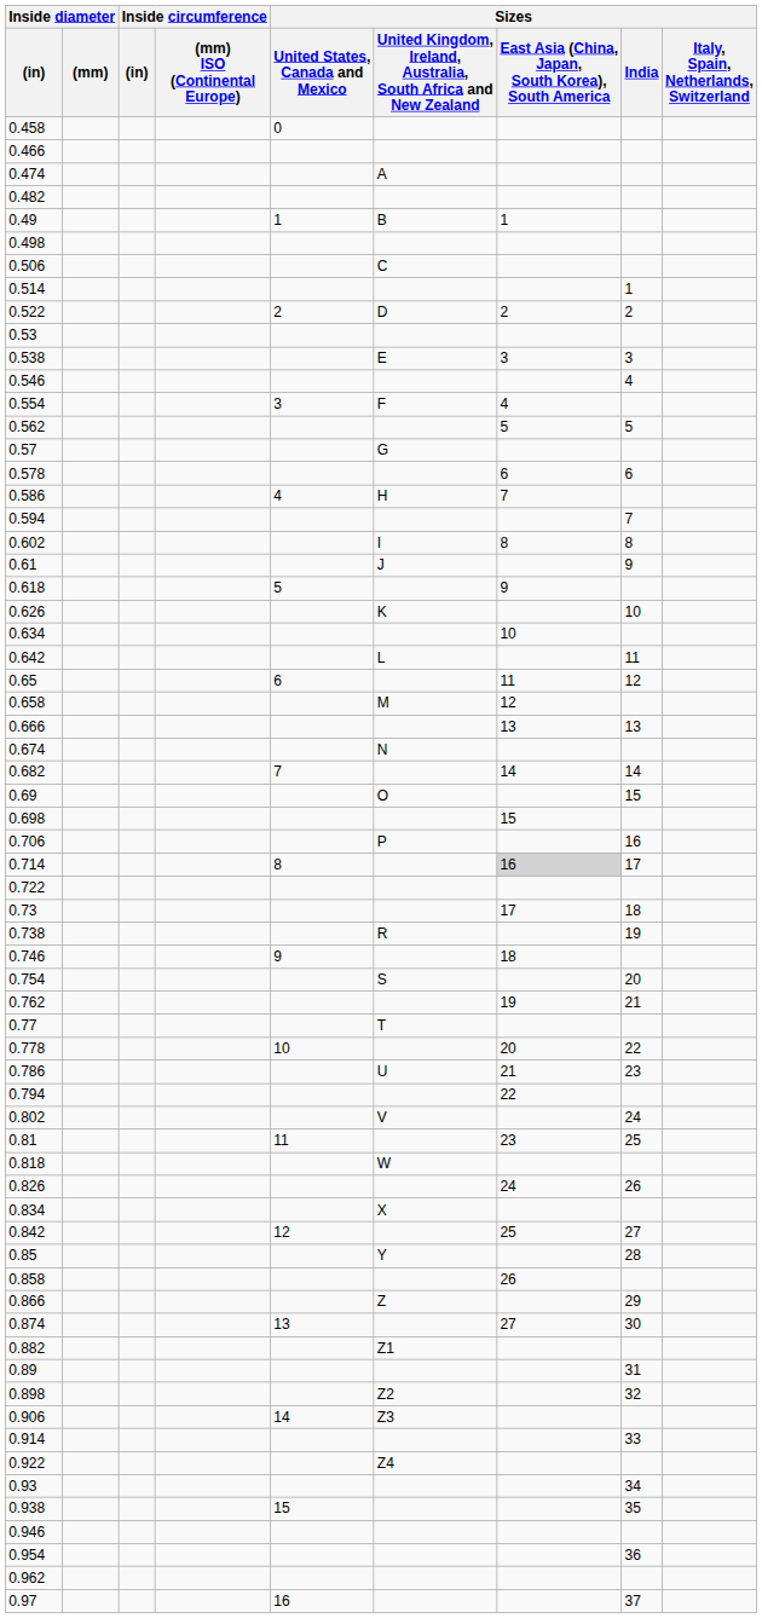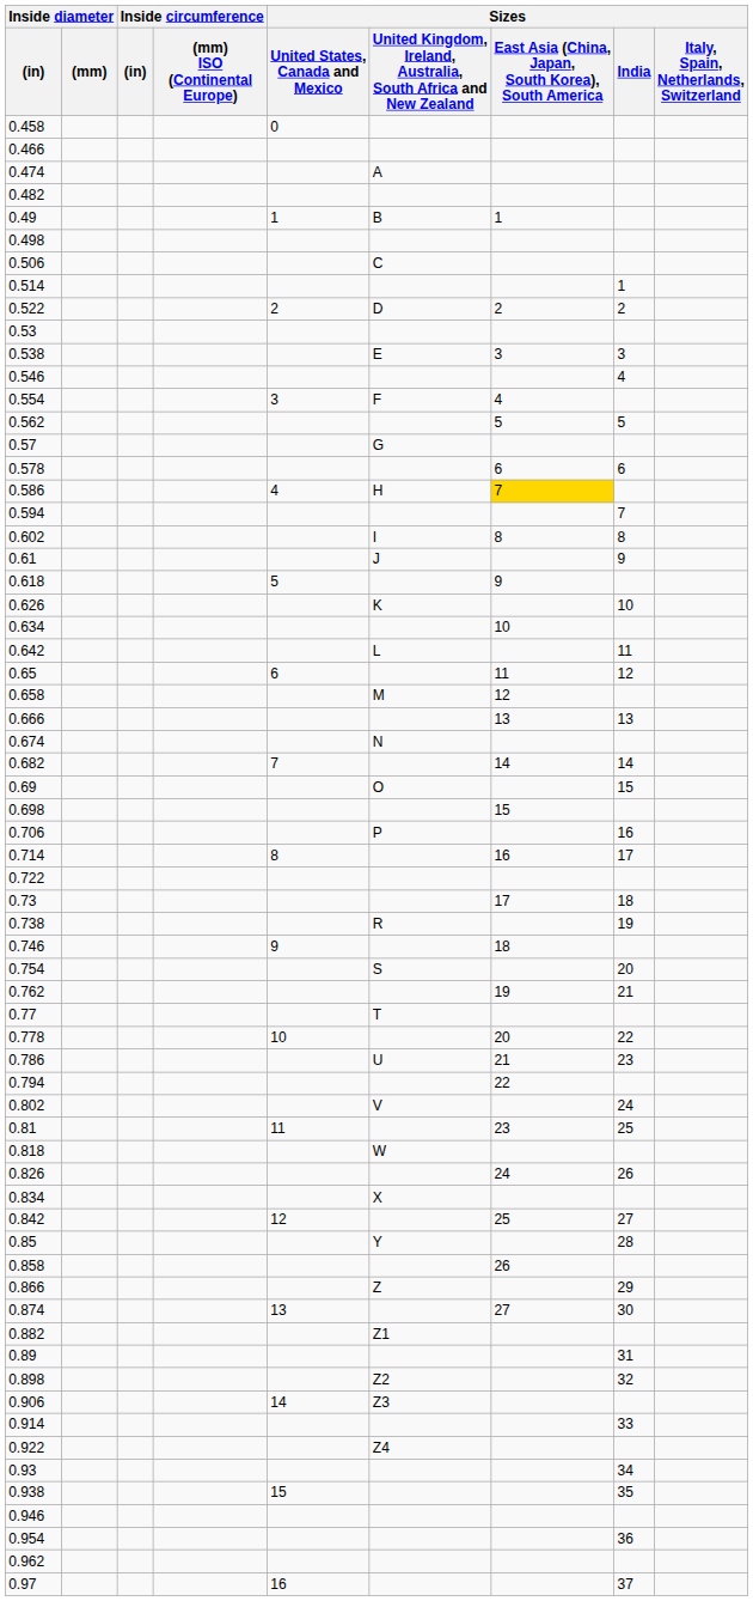 <table class="wikitable sortable">
 <tr>
 <th colspan="2">Inside <a href='#'>diameter</a></th>
 <th colspan="2">Inside <a href='#'>circumference</a></th>
 <th colspan="5">Sizes</th>
 </tr>
 <tr>
 <th>(in)</th>
 <th>(mm)</th>
 <th>(in)</th>
 <th>(mm)<br> <a href='#'>ISO</a> <br>(<a href='#'>Continental</a><br><a href='#'>Europe</a>)</th>
 <th><a href='#'>United States</a>,<br><a href='#'>Canada</a> and<br><a href='#'>Mexico</a></th>
 <th><a href='#'>United Kingdom</a>,<br><a href='#'>Ireland</a>,<br><a href='#'>Australia</a>,<br><a href='#'>South Africa</a> and<br><a href='#'>New Zealand</a></th>
 <th><a href='#'>East Asia</a> (<a href='#'>China</a>, <br><a href='#'>Japan</a>, <br><a href='#'>South Korea</a>), <br><a href='#'>South America</a></th>
 <th><a href='#'>India</a></th>
 <th><a href='#'>Italy</a>, <br><a href='#'>Spain</a>, <br><a href='#'>Netherlands</a>, <br><a href='#'>Switzerland</a></th>
 </tr>
 <tr>
 <td>0.458</td>
 <td></td>
 <td></td>
 <td></td>
 <td>0</td>
 <td></td>
 <td></td>
 <td></td>
 <td></td>
 </tr>
 <tr>
 <td>0.466</td>
 <td></td>
 <td></td>
 <td></td>
 <td></td>
 <td></td>
 <td></td>
 <td></td>
 <td></td>
 </tr>
 <tr>
 <td>0.474</td>
 <td></td>
 <td></td>
 <td></td>
 <td></td>
 <td>A</td>
 <td></td>
 <td></td>
 <td></td>
 </tr>
 <tr>
 <td>0.482</td>
 <td></td>
 <td></td>
 <td></td>
 <td></td>
 <td></td>
 <td></td>
 <td></td>
 <td></td>
 </tr>
 <tr>
 <td>0.49</td>
 <td></td>
 <td></td>
 <td></td>
 <td>1</td>
 <td>B</td>
 <td>1</td>
 <td></td>
 <td></td>
 </tr>
 <tr>
 <td>0.498</td>
 <td></td>
 <td></td>
 <td></td>
 <td></td>
 <td></td>
 <td></td>
 <td></td>
 <td></td>
 </tr>
 <tr>
 <td>0.506</td>
 <td></td>
 <td></td>
 <td></td>
 <td></td>
 <td>C</td>
 <td></td>
 <td></td>
 <td></td>
 </tr>
 <tr>
 <td>0.514</td>
 <td></td>
 <td></td>
 <td></td>
 <td></td>
 <td></td>
 <td></td>
 <td>1</td>
 <td></td>
 </tr>
 <tr>
 <td>0.522</td>
 <td></td>
 <td></td>
 <td></td>
 <td>2</td>
 <td>D</td>
 <td>2</td>
 <td>2</td>
 <td></td>
 </tr>
 <tr>
 <td>0.53</td>
 <td></td>
 <td></td>
 <td></td>
 <td></td>
 <td></td>
 <td></td>
 <td></td>
 <td></td>
 </tr>
 <tr>
 <td>0.538</td>
 <td></td>
 <td></td>
 <td></td>
 <td></td>
 <td>E</td>
 <td>3</td>
 <td>3</td>
 <td></td>
 </tr>
 <tr>
 <td>0.546</td>
 <td></td>
 <td></td>
 <td></td>
 <td></td>
 <td></td>
 <td></td>
 <td>4</td>
 <td></td>
 </tr>
 <tr>
 <td>0.554</td>
 <td></td>
 <td></td>
 <td></td>
 <td>3</td>
 <td>F</td>
 <td>4</td>
 <td></td>
 <td></td>
 </tr>
 <tr>
 <td>0.562</td>
 <td></td>
 <td></td>
 <td></td>
 <td></td>
 <td></td>
 <td>5</td>
 <td>5</td>
 <td></td>
 </tr>
 <tr>
 <td>0.57</td>
 <td></td>
 <td></td>
 <td></td>
 <td></td>
 <td>G</td>
 <td></td>
 <td></td>
 <td></td>
 </tr>
 <tr>
 <td>0.578</td>
 <td></td>
 <td></td>
 <td></td>
 <td></td>
 <td></td>
 <td>6</td>
 <td>6</td>
 <td></td>
 </tr>
 <tr>
 <td>0.586</td>
 <td></td>
 <td></td>
 <td></td>
 <td>4</td>
 <td>H</td>
-<td>7</td>
+<td style="background: gold;">7</td>
 <td></td>
 <td></td>
 </tr>
 <tr>
 <td>0.594</td>
 <td></td>
 <td></td>
 <td></td>
 <td></td>
 <td></td>
 <td></td>
 <td>7</td>
 <td></td>
 </tr>
 <tr>
 <td>0.602</td>
 <td></td>
 <td></td>
 <td></td>
 <td></td>
 <td>I</td>
 <td>8</td>
 <td>8</td>
 <td></td>
 </tr>
 <tr>
 <td>0.61</td>
 <td></td>
 <td></td>
 <td></td>
 <td></td>
 <td>J</td>
 <td></td>
 <td>9</td>
 <td></td>
 </tr>
 <tr>
 <td>0.618</td>
 <td></td>
 <td></td>
 <td></td>
 <td>5</td>
 <td></td>
 <td>9</td>
 <td></td>
 <td></td>
 </tr>
 <tr>
 <td>0.626</td>
 <td></td>
 <td></td>
 <td></td>
 <td></td>
 <td>K</td>
 <td></td>
 <td>10</td>
 <td></td>
 </tr>
 <tr>
 <td>0.634</td>
 <td></td>
 <td></td>
 <td></td>
 <td></td>
 <td></td>
 <td>10</td>
 <td></td>
 <td></td>
 </tr>
 <tr>
 <td>0.642</td>
 <td></td>
 <td></td>
 <td></td>
 <td></td>
 <td>L</td>
 <td></td>
 <td>11</td>
 <td></td>
 </tr>
 <tr>
 <td>0.65</td>
 <td></td>
 <td></td>
 <td></td>
 <td>6</td>
 <td></td>
 <td>11</td>
 <td>12</td>
 <td></td>
 </tr>
 <tr>
 <td>0.658</td>
 <td></td>
 <td></td>
 <td></td>
 <td></td>
 <td>M</td>
 <td>12</td>
 <td></td>
 <td></td>
 </tr>
 <tr>
 <td>0.666</td>
 <td></td>
 <td></td>
 <td></td>
 <td></td>
 <td></td>
 <td>13</td>
 <td>13</td>
 <td></td>
 </tr>
 <tr>
 <td>0.674</td>
 <td></td>
 <td></td>
 <td></td>
 <td></td>
 <td>N</td>
 <td></td>
 <td></td>
 <td></td>
 </tr>
 <tr>
 <td>0.682</td>
 <td></td>
 <td></td>
 <td></td>
 <td>7</td>
 <td></td>
 <td>14</td>
 <td>14</td>
 <td></td>
 </tr>
 <tr>
 <td>0.69</td>
 <td></td>
 <td></td>
 <td></td>
 <td></td>
 <td>O</td>
 <td></td>
 <td>15</td>
 <td></td>
 </tr>
 <tr>
 <td>0.698</td>
 <td></td>
 <td></td>
 <td></td>
 <td></td>
 <td></td>
 <td>15</td>
 <td></td>
 <td></td>
 </tr>
 <tr>
 <td>0.706</td>
 <td></td>
 <td></td>
 <td></td>
 <td></td>
 <td>P</td>
 <td></td>
 <td>16</td>
 <td></td>
 </tr>
 <tr>
 <td>0.714</td>
 <td></td>
 <td></td>
 <td></td>
 <td>8</td>
 <td></td>
-<td style="background: lightgrey;">16</td>
+<td>16</td>
 <td>17</td>
 <td></td>
 </tr>
 <tr>
 <td>0.722</td>
 <td></td>
 <td></td>
 <td></td>
 <td></td>
 <td></td>
 <td></td>
 <td></td>
 <td></td>
 </tr>
 <tr>
 <td>0.73</td>
 <td></td>
 <td></td>
 <td></td>
 <td></td>
 <td></td>
 <td>17</td>
 <td>18</td>
 <td></td>
 </tr>
 <tr>
 <td>0.738</td>
 <td></td>
 <td></td>
 <td></td>
 <td></td>
 <td>R</td>
 <td></td>
 <td>19</td>
 <td></td>
 </tr>
 <tr>
 <td>0.746</td>
 <td></td>
 <td></td>
 <td></td>
 <td>9</td>
 <td></td>
 <td>18</td>
 <td></td>
 <td></td>
 </tr>
 <tr>
 <td>0.754</td>
 <td></td>
 <td></td>
 <td></td>
 <td></td>
 <td>S</td>
 <td></td>
 <td>20</td>
 <td></td>
 </tr>
 <tr>
 <td>0.762</td>
 <td></td>
 <td></td>
 <td></td>
 <td></td>
 <td></td>
 <td>19</td>
 <td>21</td>
 <td></td>
 </tr>
 <tr>
 <td>0.77</td>
 <td></td>
 <td></td>
 <td></td>
 <td></td>
 <td>T</td>
 <td></td>
 <td></td>
 <td></td>
 </tr>
 <tr>
 <td>0.778</td>
 <td></td>
 <td></td>
 <td></td>
 <td>10</td>
 <td></td>
 <td>20</td>
 <td>22</td>
 <td></td>
 </tr>
 <tr>
 <td>0.786</td>
 <td></td>
 <td></td>
 <td></td>
 <td></td>
 <td>U</td>
 <td>21</td>
 <td>23</td>
 <td></td>
 </tr>
 <tr>
 <td>0.794</td>
 <td></td>
 <td></td>
 <td></td>
 <td></td>
 <td></td>
 <td>22</td>
 <td></td>
 <td></td>
 </tr>
 <tr>
 <td>0.802</td>
 <td></td>
 <td></td>
 <td></td>
 <td></td>
 <td>V</td>
 <td></td>
 <td>24</td>
 <td></td>
 </tr>
 <tr>
 <td>0.81</td>
 <td></td>
 <td></td>
 <td></td>
 <td>11</td>
 <td></td>
 <td>23</td>
 <td>25</td>
 <td></td>
 </tr>
 <tr>
 <td>0.818</td>
 <td></td>
 <td></td>
 <td></td>
 <td></td>
 <td>W</td>
 <td></td>
 <td></td>
 <td></td>
 </tr>
 <tr>
 <td>0.826</td>
 <td></td>
 <td></td>
 <td></td>
 <td></td>
 <td></td>
 <td>24</td>
 <td>26</td>
 <td></td>
 </tr>
 <tr>
 <td>0.834</td>
 <td></td>
 <td></td>
 <td></td>
 <td></td>
 <td>X</td>
 <td></td>
 <td></td>
 <td></td>
 </tr>
 <tr>
 <td>0.842</td>
 <td></td>
 <td></td>
 <td></td>
 <td>12</td>
 <td></td>
 <td>25</td>
 <td>27</td>
 <td></td>
 </tr>
 <tr>
 <td>0.85</td>
 <td></td>
 <td></td>
 <td></td>
 <td></td>
 <td>Y</td>
 <td></td>
 <td>28</td>
 <td></td>
 </tr>
 <tr>
 <td>0.858</td>
 <td></td>
 <td></td>
 <td></td>
 <td></td>
 <td></td>
 <td>26</td>
 <td></td>
 <td></td>
 </tr>
 <tr>
 <td>0.866</td>
 <td></td>
 <td></td>
 <td></td>
 <td></td>
 <td>Z</td>
 <td></td>
 <td>29</td>
 <td></td>
 </tr>
 <tr>
 <td>0.874</td>
 <td></td>
 <td></td>
 <td></td>
 <td>13</td>
 <td></td>
 <td>27</td>
 <td>30</td>
 <td></td>
 </tr>
 <tr>
 <td>0.882</td>
 <td></td>
 <td></td>
 <td></td>
 <td></td>
 <td>Z1</td>
 <td></td>
 <td></td>
 <td></td>
 </tr>
 <tr>
 <td>0.89</td>
 <td></td>
 <td></td>
 <td></td>
 <td></td>
 <td></td>
 <td></td>
 <td>31</td>
 <td></td>
 </tr>
 <tr>
 <td>0.898</td>
 <td></td>
 <td></td>
 <td></td>
 <td></td>
 <td>Z2</td>
 <td></td>
 <td>32</td>
 <td></td>
 </tr>
 <tr>
 <td>0.906</td>
 <td></td>
 <td></td>
 <td></td>
 <td>14</td>
 <td>Z3</td>
 <td></td>
 <td></td>
 <td></td>
 </tr>
 <tr>
 <td>0.914</td>
 <td></td>
 <td></td>
 <td></td>
 <td></td>
 <td></td>
 <td></td>
 <td>33</td>
 <td></td>
 </tr>
 <tr>
 <td>0.922</td>
 <td></td>
 <td></td>
 <td></td>
 <td></td>
 <td>Z4</td>
 <td></td>
 <td></td>
 <td></td>
 </tr>
 <tr>
 <td>0.93</td>
 <td></td>
 <td></td>
 <td></td>
 <td></td>
 <td></td>
 <td></td>
 <td>34</td>
 <td></td>
 </tr>
 <tr>
 <td>0.938</td>
 <td></td>
 <td></td>
 <td></td>
 <td>15</td>
 <td></td>
 <td></td>
 <td>35</td>
 <td></td>
 </tr>
 <tr>
 <td>0.946</td>
 <td></td>
 <td></td>
 <td></td>
 <td></td>
 <td></td>
 <td></td>
 <td></td>
 <td></td>
 </tr>
 <tr>
 <td>0.954</td>
 <td></td>
 <td></td>
 <td></td>
 <td></td>
 <td></td>
 <td></td>
 <td>36</td>
 <td></td>
 </tr>
 <tr>
 <td>0.962</td>
 <td></td>
 <td></td>
 <td></td>
 <td></td>
 <td></td>
 <td></td>
 <td></td>
 <td></td>
 </tr>
 <tr>
 <td>0.97</td>
 <td></td>
 <td></td>
 <td></td>
 <td>16</td>
 <td></td>
 <td></td>
 <td>37</td>
 <td></td>
 </tr>
 </table>
